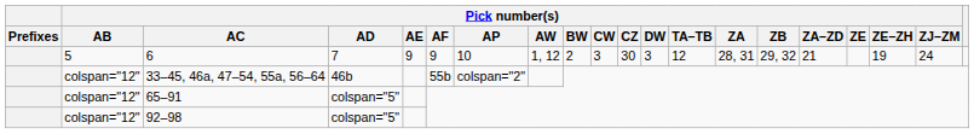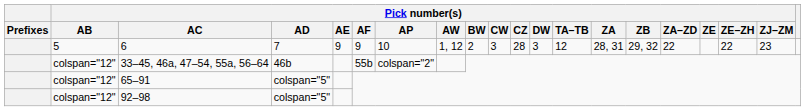 <table class="wikitable" style="font-size:90%">
 <tr>
 <th></th>
 <th colspan="18"><a href='#'>Pick</a> number(s)</th>
 <th rowspan="2"></th>
 </tr>
 <tr>
 <th>Prefixes</th>
 <th>AB</th>
 <th>AC</th>
 <th>AD</th>
 <th>AE</th>
 <th>AF</th>
 <th>AP</th>
 <th>AW</th>
 <th>BW</th>
 <th>CW</th>
 <th>CZ</th>
 <th>DW</th>
 <th>TA–TB</th>
 <th>ZA</th>
 <th>ZB</th>
 <th>ZA–ZD</th>
 <th>ZE</th>
 <th>ZE–ZH</th>
 <th>ZJ–ZM</th>
 </tr>
 <tr>
 <th></th>
 <td>5</td>
 <td>6</td>
 <td>7</td>
 <td>9</td>
 <td>9</td>
 <td>10</td>
 <td>1, 12</td>
 <td>2</td>
 <td>3</td>
-<td>30</td>
+<td>28</td>
 <td>3</td>
 <td>12</td>
 <td>28, 31</td>
 <td>29, 32</td>
-<td>21</td>
+<td>22</td>
 <td></td>
-<td>19</td>
-<td>24</td>
+<td>22</td>
+<td>23</td>
 <td></td>
 </tr>
 <tr>
 <th></th>
 <td>colspan="12" </td>
 <td>33–45, 46a, 47–54, 55a, 56–64</td>
 <td>46b</td>
 <td></td>
 <td>55b</td>
 <td>colspan="2" </td>
 <td></td>
 </tr>
 <tr>
 <th></th>
 <td>colspan="12" </td>
 <td>65–91</td>
 <td>colspan="5"  </td>
 <td></td>
 </tr>
 <tr>
 <th></th>
 <td>colspan="12" </td>
 <td>92–98</td>
 <td>colspan="5"  </td>
 <td></td>
 </tr>
 </table>
